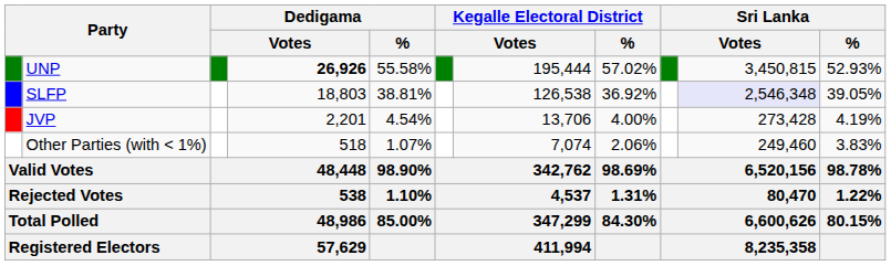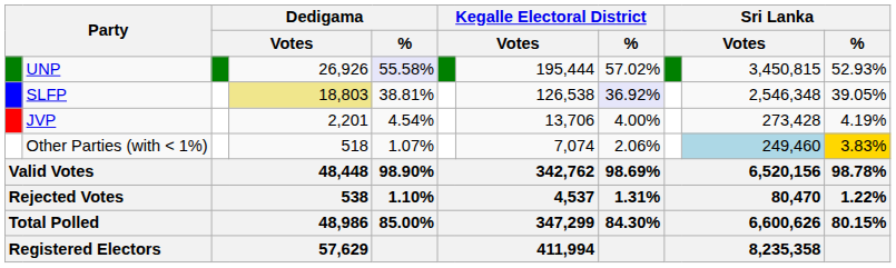 <table class="wikitable">
 <tr>
 <th colspan="2" width="144px"rowspan="2">Party</th>
 <th colspan="3" width="216px">Dedigama</th>
 <th colspan="3" width="216px"><a href='#'>Kegalle Electoral District</a></th>
 <th colspan="3" width="216px">Sri Lanka</th>
 </tr>
 <tr>
 <th colspan="2" width="144px">Votes</th>
 <th>%</th>
 <th colspan="2" width="144px">Votes</th>
 <th>%</th>
 <th colspan="2" width="144px">Votes</th>
 <th>%</th>
 </tr>
 <tr>
 <td style="background-color:green;" width="10px"></td>
 <td style="text-align:left;"><a href='#'>UNP</a></td>
 <td style="background-color:green;" width="10px"></td>
-<td style="text-align:right;"><strong>26,926</strong></td>
-<td style="text-align:right;">55.58%</td>
+<td style="text-align:right;">26,926</td>
+<td style="background: lavender; text-align:right;">55.58%</td>
 <td style="background-color:green;" width="10px"></td>
 <td style="text-align:right;">195,444</td>
 <td style="text-align:right;">57.02%</td>
 <td style="background-color:green;" width="10px"></td>
 <td style="text-align:right;">3,450,815</td>
 <td style="text-align:right;">52.93%</td>
 </tr>
 <tr>
 <td style="background-color:blue;" width="10px"></td>
 <td style="text-align:left;"><a href='#'>SLFP</a></td>
 <td style="background-color:white;" width="10px"></td>
-<td style="text-align:right;">18,803</td>
+<td style="background: khaki; text-align:right;">18,803</td>
 <td style="text-align:right;">38.81%</td>
 <td style="background-color:white;" width="10px"></td>
 <td style="text-align:right;">126,538</td>
-<td style="text-align:right;">36.92%</td>
+<td style="background: lavender; text-align:right;">36.92%</td>
 <td style="background-color:white;" width="10px"></td>
-<td style="background: lavender; text-align:right;">2,546,348</td>
+<td style="text-align:right;">2,546,348</td>
 <td style="text-align:right;">39.05%</td>
 </tr>
 <tr>
 <td style="background-color:red;" width="10px"></td>
 <td style="text-align:left;"><a href='#'>JVP</a></td>
 <td style="background-color:white;" width="10px"></td>
 <td style="text-align:right;">2,201</td>
 <td style="text-align:right;">4.54%</td>
 <td style="background-color:white;" width="10px"></td>
 <td style="text-align:right;">13,706</td>
 <td style="text-align:right;">4.00%</td>
 <td style="background-color:white;" width="10px"></td>
 <td style="text-align:right;">273,428</td>
 <td style="text-align:right;">4.19%</td>
 </tr>
 <tr>
 <td style="background-color:white;" width="10px"></td>
 <td style="text-align:left;">Other Parties (with < 1%)</td>
 <td style="background-color:white;" width="10px"></td>
 <td style="text-align:right;">518</td>
 <td style="text-align:right;">1.07%</td>
 <td style="background-color:white;" width="10px"></td>
 <td style="text-align:right;">7,074</td>
 <td style="text-align:right;">2.06%</td>
 <td style="background-color:white;" width="10px"></td>
-<td style="text-align:right;">249,460</td>
-<td style="text-align:right;">3.83%</td>
+<td style="background: lightblue; text-align:right;">249,460</td>
+<td style="background: gold; text-align:right;">3.83%</td>
 </tr>
 <tr>
 <th colspan="2" width="144px"style="text-align:left;">Valid Votes</th>
 <th style="text-align:right;"colspan="2" width="144px">48,448</th>
 <th style="text-align:right;">98.90%</th>
 <th style="text-align:right;"colspan="2" width="144px">342,762</th>
 <th style="text-align:right;">98.69%</th>
 <th style="text-align:right;"colspan="2" width="144px">6,520,156</th>
 <th style="text-align:right;">98.78%</th>
 </tr>
 <tr>
 <th colspan="2" width="144px"style="text-align:left;">Rejected Votes</th>
 <th style="text-align:right;"colspan="2" width="144px">538</th>
 <th style="text-align:right;">1.10%</th>
 <th style="text-align:right;"colspan="2" width="144px">4,537</th>
 <th style="text-align:right;">1.31%</th>
 <th style="text-align:right;"colspan="2" width="144px">80,470</th>
 <th style="text-align:right;">1.22%</th>
 </tr>
 <tr>
 <th colspan="2" width="144px"style="text-align:left;">Total Polled</th>
 <th style="text-align:right;"colspan="2" width="144px">48,986</th>
 <th style="text-align:right;">85.00%</th>
 <th style="text-align:right;"colspan="2" width="144px">347,299</th>
 <th style="text-align:right;">84.30%</th>
 <th style="text-align:right;"colspan="2" width="144px">6,600,626</th>
 <th style="text-align:right;">80.15%</th>
 </tr>
 <tr>
 <th colspan="2" width="144px"style="text-align:left;">Registered Electors</th>
 <th style="text-align:right;"colspan="2" width="144px">57,629</th>
 <th></th>
 <th style="text-align:right;"colspan="2" width="144px">411,994</th>
 <th></th>
 <th style="text-align:right;"colspan="2" width="144px">8,235,358</th>
 <th></th>
 </tr>
 </table>
